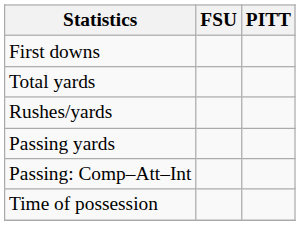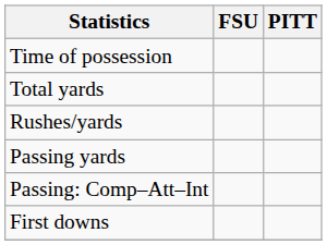 <table class="wikitable" style="float: left;">
 <tr>
 <th>Statistics</th>
 <th>FSU</th>
 <th>PITT</th>
 </tr>
 <tr>
-<td>First downs</td>
+<td>Time of possession</td>
 <td></td>
 <td></td>
 </tr>
 <tr>
 <td>Total yards</td>
 <td></td>
 <td></td>
 </tr>
 <tr>
 <td>Rushes/yards</td>
 <td></td>
 <td></td>
 </tr>
 <tr>
 <td>Passing yards</td>
 <td></td>
 <td></td>
 </tr>
 <tr>
 <td>Passing: Comp–Att–Int</td>
 <td></td>
 <td></td>
 </tr>
 <tr>
-<td>Time of possession</td>
+<td>First downs</td>
 <td></td>
 <td></td>
 </tr>
 <tr>
 </tr>
 </table>
